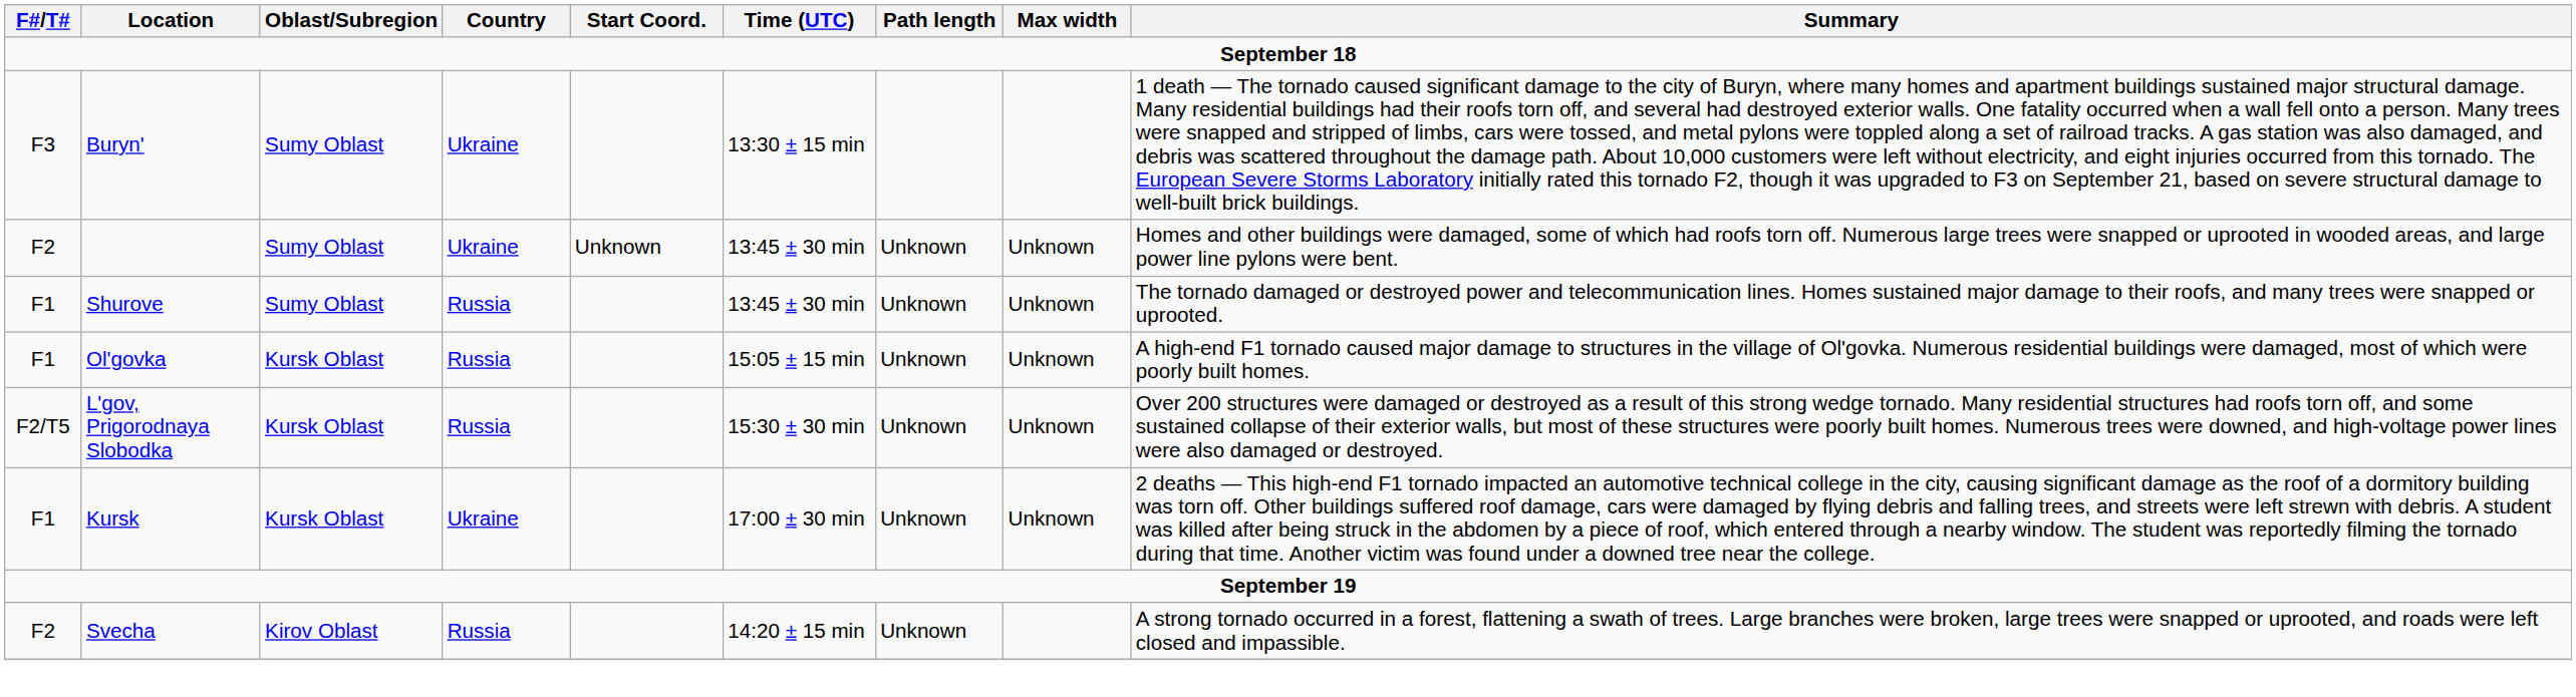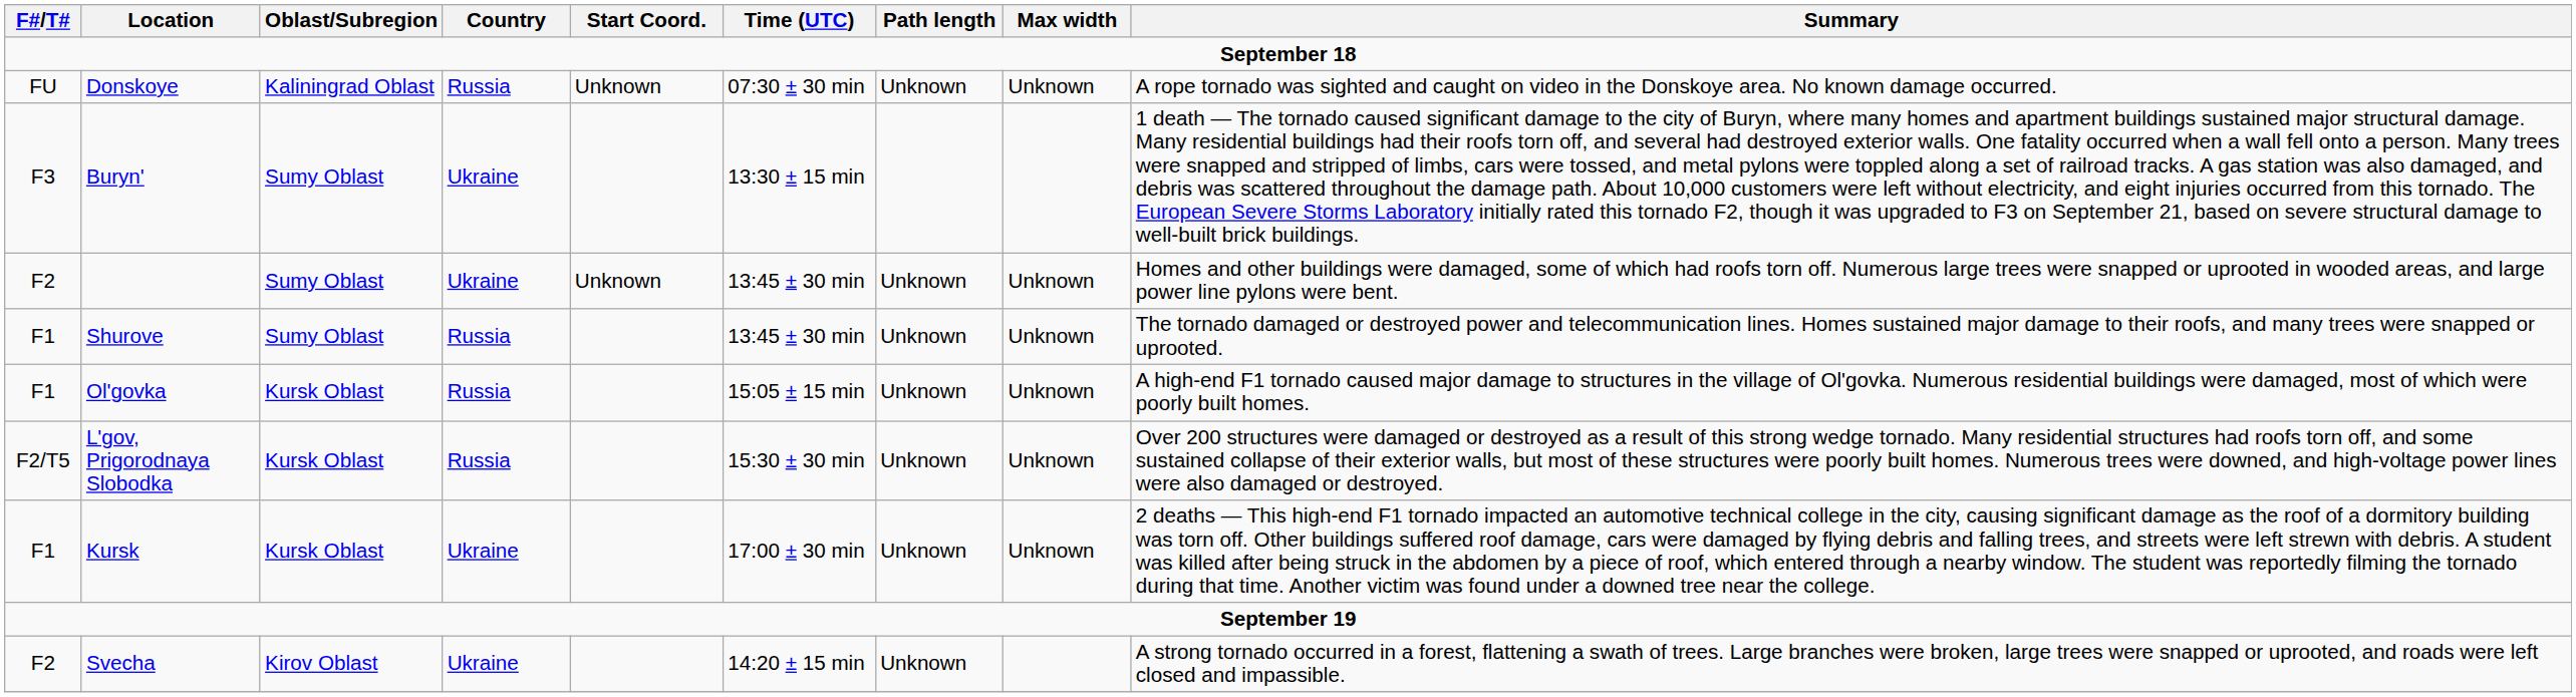 <table class="wikitable sortable" style="width:100%;">
 <tr>
 <th scope="col" style="width:3%; text-align:center;"><a href='#'>F#</a>/<a href='#'>T#</a></th>
 <th scope="col" style="width:7%; text-align:center;" class="unsortable">Location</th>
 <th scope="col" style="width:6%; text-align:center;" class="unsortable">Oblast/Subregion</th>
 <th scope="col" style="width:5%; text-align:center;">Country</th>
 <th scope="col" style="width:6%; text-align:center;">Start Coord.</th>
 <th scope="col" style="width:6%; text-align:center;">Time (<a href='#'>UTC</a>)</th>
 <th scope="col" style="width:5%; text-align:center;">Path length</th>
 <th scope="col" style="width:5%; text-align:center;">Max width</th>
 <th scope="col" class="unsortable" style="width:57%; text-align:center;">Summary</th>
 </tr>
 <tr>
 <td colspan="9" align=center><strong>September 18</strong></td>
+</tr>
+<tr>
+<td align="center">FU</td>
+<td><a href='#'>Donskoye</a></td>
+<td><a href='#'>Kaliningrad Oblast</a></td>
+<td><a href='#'>Russia</a></td>
+<td>Unknown</td>
+<td>07:30 <a href='#'>±</a> 30 min</td>
+<td>Unknown</td>
+<td>Unknown</td>
+<td>A rope tornado was sighted and caught on video in the Donskoye area. No known damage occurred.</td>
 </tr>
 <tr>
 <td align="center">F3</td>
 <td><a href='#'>Buryn'</a></td>
 <td><a href='#'>Sumy Oblast</a></td>
 <td><a href='#'>Ukraine</a></td>
 <td></td>
 <td>13:30 <a href='#'>±</a> 15 min</td>
 <td></td>
 <td></td>
 <td>1 death — The tornado caused significant damage to the city of Buryn, where many homes and apartment buildings sustained major structural damage. Many residential buildings had their roofs torn off, and several had destroyed exterior walls. One fatality occurred when a wall fell onto a person. Many trees were snapped and stripped of limbs, cars were tossed, and metal pylons were toppled along a set of railroad tracks. A gas station was also damaged, and debris was scattered throughout the damage path. About 10,000 customers were left without electricity, and eight injuries occurred from this tornado. The <a href='#'>European Severe Storms Laboratory</a> initially rated this tornado F2, though it was upgraded to F3 on September 21, based on severe structural damage to well-built brick buildings.</td>
 </tr>
 <tr>
 <td align="center">F2</td>
 <td></td>
 <td><a href='#'>Sumy Oblast</a></td>
 <td><a href='#'>Ukraine</a></td>
 <td>Unknown</td>
 <td>13:45 <a href='#'>±</a> 30 min</td>
 <td>Unknown</td>
 <td>Unknown</td>
 <td>Homes and other buildings were damaged, some of which had roofs torn off. Numerous large trees were snapped or uprooted in wooded areas, and large power line pylons were bent.</td>
 </tr>
 <tr>
 <td align="center">F1</td>
 <td><a href='#'>Shurovе</a></td>
 <td><a href='#'>Sumy Oblast</a></td>
 <td><a href='#'>Russia</a></td>
 <td></td>
 <td>13:45 <a href='#'>±</a> 30 min</td>
 <td>Unknown</td>
 <td>Unknown</td>
 <td>The tornado damaged or destroyed power and telecommunication lines. Homes sustained major damage to their roofs, and many trees were snapped or uprooted.</td>
 </tr>
 <tr>
 <td align="center">F1</td>
 <td><a href='#'>Ol'govka</a></td>
 <td><a href='#'>Kursk Oblast</a></td>
 <td><a href='#'>Russia</a></td>
 <td></td>
 <td>15:05 <a href='#'>±</a> 15 min</td>
 <td>Unknown</td>
 <td>Unknown</td>
 <td>A high-end F1 tornado caused major damage to structures in the village of Ol'govka. Numerous residential buildings were damaged, most of which were poorly built homes.</td>
 </tr>
 <tr>
 <td align="center">F2/T5</td>
 <td><a href='#'>L'gov, Prigorodnaya Slobodka</a></td>
 <td><a href='#'>Kursk Oblast</a></td>
 <td><a href='#'>Russia</a></td>
 <td></td>
 <td>15:30 <a href='#'>±</a> 30 min</td>
 <td>Unknown</td>
 <td>Unknown</td>
 <td>Over 200 structures were damaged or destroyed as a result of this strong wedge tornado. Many residential structures had roofs torn off, and some sustained collapse of their exterior walls, but most of these structures were poorly built homes. Numerous trees were downed, and high-voltage power lines were also damaged or destroyed.</td>
 </tr>
 <tr>
 <td align="center">F1</td>
 <td><a href='#'>Kursk</a></td>
 <td><a href='#'>Kursk Oblast</a></td>
 <td><a href='#'>Ukraine</a></td>
 <td></td>
 <td>17:00 <a href='#'>±</a> 30 min</td>
 <td>Unknown</td>
 <td>Unknown</td>
 <td>2 deaths — This high-end F1 tornado impacted an automotive technical college in the city, causing significant damage as the roof of a dormitory building was torn off. Other buildings suffered roof damage, cars were damaged by flying debris and falling trees, and streets were left strewn with debris. A student was killed after being struck in the abdomen by a piece of roof, which entered through a nearby window. The student was reportedly filming the tornado during that time. Another victim was found under a downed tree near the college.</td>
 </tr>
 <tr>
 <td colspan="9" align=center><strong>September 19</strong></td>
 </tr>
 <tr>
 <td align="center">F2</td>
 <td><a href='#'>Svecha</a></td>
 <td><a href='#'>Kirov Oblast</a></td>
-<td><a href='#'>Russia</a></td>
+<td><a href='#'>Ukraine</a></td>
 <td></td>
 <td>14:20 <a href='#'>±</a> 15 min</td>
 <td>Unknown</td>
 <td></td>
 <td>A strong tornado occurred in a forest, flattening a swath of trees. Large branches were broken, large trees were snapped or uprooted, and roads were left closed and impassible.</td>
 </tr>
 <tr>
 </tr>
 </table>
